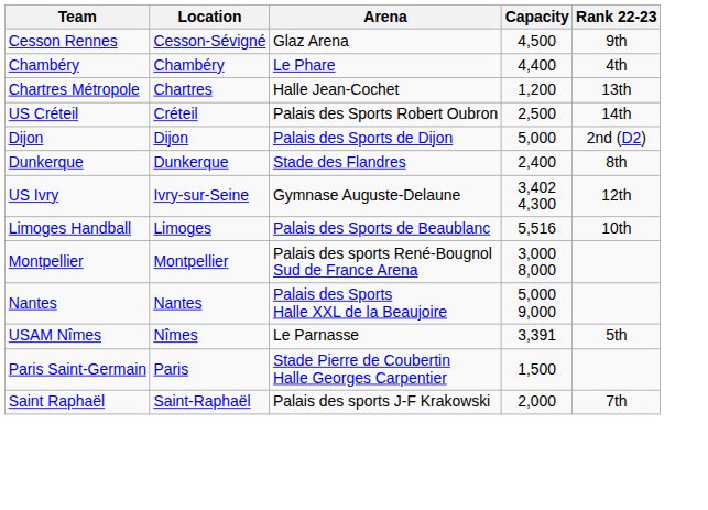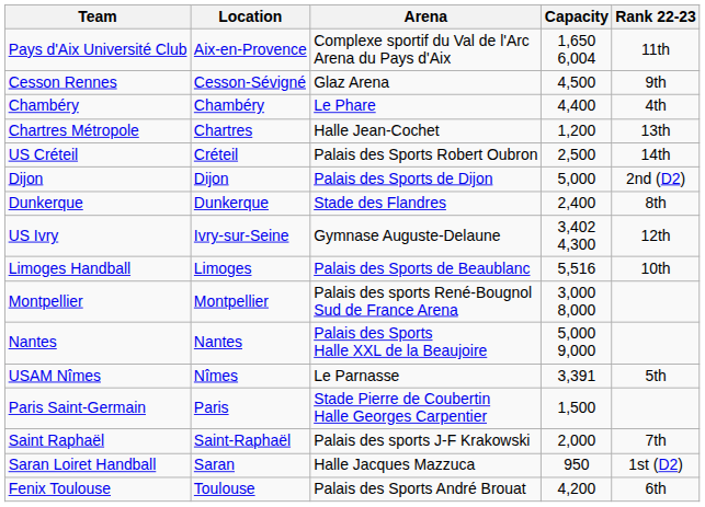 <table class="wikitable sortable" style="text-align: left;">
 <tr>
 <th>Team</th>
 <th>Location</th>
 <th>Arena</th>
 <th>Capacity</th>
 <th>Rank 22-23</th>
+</tr>
+<tr>
+<td><a href='#'>Pays d'Aix Université Club</a></td>
+<td><a href='#'>Aix-en-Provence</a></td>
+<td>Complexe sportif du Val de l'Arc<br>Arena du Pays d'Aix</td>
+<td align="center">1,650<br>6,004</td>
+<td align="center">11th</td>
 </tr>
 <tr>
 <td><a href='#'>Cesson Rennes</a></td>
 <td><a href='#'>Cesson-Sévigné</a></td>
 <td>Glaz Arena</td>
 <td align="center">4,500</td>
 <td align="center">9th</td>
 </tr>
 <tr>
 <td><a href='#'>Chambéry</a></td>
 <td><a href='#'>Chambéry</a></td>
 <td><a href='#'>Le Phare</a></td>
 <td align="center">4,400</td>
 <td align="center">4th</td>
 </tr>
 <tr>
 <td><a href='#'>Chartres Métropole</a></td>
 <td><a href='#'>Chartres</a></td>
 <td>Halle Jean-Cochet</td>
 <td align="center">1,200</td>
 <td align="center">13th</td>
 </tr>
 <tr>
 <td><a href='#'>US Créteil</a></td>
 <td><a href='#'>Créteil</a></td>
 <td>Palais des Sports Robert Oubron</td>
 <td align="center">2,500</td>
 <td align="center">14th</td>
 </tr>
 <tr>
 <td><a href='#'>Dijon</a></td>
 <td><a href='#'>Dijon</a></td>
 <td><a href='#'>Palais des Sports de Dijon</a></td>
 <td align="center">5,000</td>
 <td align="center"> 2nd  (<a href='#'>D2</a>)</td>
 </tr>
 <tr>
 <td><a href='#'>Dunkerque</a></td>
 <td><a href='#'>Dunkerque</a></td>
 <td><a href='#'>Stade des Flandres</a></td>
 <td align="center">2,400</td>
 <td align="center">8th</td>
 </tr>
 <tr>
 <td><a href='#'>US Ivry</a></td>
 <td><a href='#'>Ivry-sur-Seine</a></td>
 <td>Gymnase Auguste-Delaune</td>
 <td align="center">3,402 <br> 4,300</td>
 <td align="center">12th</td>
 </tr>
 <tr>
 <td><a href='#'>Limoges Handball</a></td>
 <td><a href='#'>Limoges</a></td>
 <td><a href='#'>Palais des Sports de Beaublanc</a></td>
 <td align="center">5,516</td>
 <td align="center">10th</td>
 </tr>
 <tr>
 <td><a href='#'>Montpellier</a></td>
 <td><a href='#'>Montpellier</a></td>
 <td>Palais des sports René-Bougnol<br><a href='#'>Sud de France Arena</a></td>
 <td align="center">3,000 <br> 8,000</td>
 <td align="center"></td>
 </tr>
 <tr>
 <td><a href='#'>Nantes</a></td>
 <td><a href='#'>Nantes</a></td>
 <td><a href='#'>Palais des Sports</a><br><a href='#'>Halle XXL de la Beaujoire</a></td>
 <td align="center">5,000 <br> 9,000</td>
 <td align="center"></td>
 </tr>
 <tr>
 <td><a href='#'>USAM Nîmes</a></td>
 <td><a href='#'>Nîmes</a></td>
 <td>Le Parnasse</td>
 <td align="center">3,391</td>
 <td align="center">5th</td>
 </tr>
 <tr>
 <td><a href='#'>Paris Saint-Germain</a></td>
 <td><a href='#'>Paris</a></td>
 <td><a href='#'>Stade Pierre de Coubertin</a><br><a href='#'>Halle Georges Carpentier</a></td>
 <td align="center">1,500</td>
 <td align="center"></td>
 </tr>
 <tr>
 <td><a href='#'>Saint Raphaël</a></td>
 <td><a href='#'>Saint-Raphaël</a></td>
 <td>Palais des sports J-F Krakowski</td>
 <td align="center">2,000</td>
 <td align="center">7th</td>
 </tr>
+<tr>
+<td><a href='#'>Saran Loiret Handball</a></td>
+<td><a href='#'>Saran</a></td>
+<td>Halle Jacques Mazzuca</td>
+<td align="center">950</td>
+<td align="center"> 1st  (<a href='#'>D2</a>)</td>
+</tr>
+<tr>
+<td><a href='#'>Fenix Toulouse</a></td>
+<td><a href='#'>Toulouse</a></td>
+<td>Palais des Sports André Brouat</td>
+<td align="center">4,200</td>
+<td align="center">6th</td>
+</tr>
 </table>
